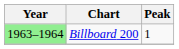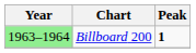 <table class="wikitable">
 <tr>
 <th scope="col">Year</th>
 <th scope="col">Chart</th>
 <th scope="col">Peak</th>
 </tr>
 <tr>
 <td style="background: lightgreen;">1963–1964</td>
 <td scope="row"><a href='#'><em>Billboard</em> 200</a></td>
-<td>1</td>
+<td><strong>1</strong></td>
 </tr>
 <tr>
 </tr>
 </table>
